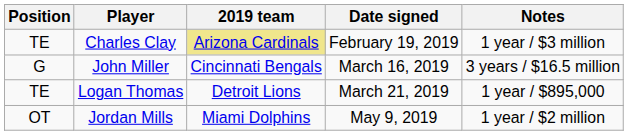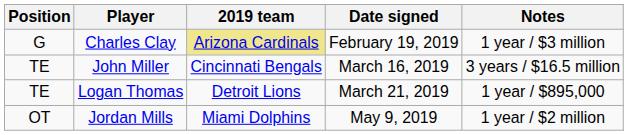 <table class="wikitable sortable" style="text-align:center">
 <tr>
 <th>Position</th>
 <th>Player</th>
 <th>2019 team</th>
 <th>Date signed</th>
 <th>Notes</th>
 </tr>
 <tr>
-<td>TE</td>
+<td>G</td>
 <td><a href='#'>Charles Clay</a></td>
 <td style="background: khaki;"><a href='#'>Arizona Cardinals</a></td>
 <td>February 19, 2019</td>
 <td>1 year / $3 million</td>
 </tr>
 <tr>
-<td>G</td>
+<td>TE</td>
 <td><a href='#'>John Miller</a></td>
 <td><a href='#'>Cincinnati Bengals</a></td>
 <td>March 16, 2019</td>
 <td>3 years / $16.5 million</td>
 </tr>
 <tr>
 <td>TE</td>
 <td><a href='#'>Logan Thomas</a></td>
 <td><a href='#'>Detroit Lions</a></td>
 <td>March 21, 2019</td>
 <td>1 year / $895,000</td>
 </tr>
 <tr>
 <td>OT</td>
 <td><a href='#'>Jordan Mills</a></td>
 <td><a href='#'>Miami Dolphins</a></td>
 <td>May 9, 2019</td>
 <td>1 year / $2 million</td>
 </tr>
 </table>
